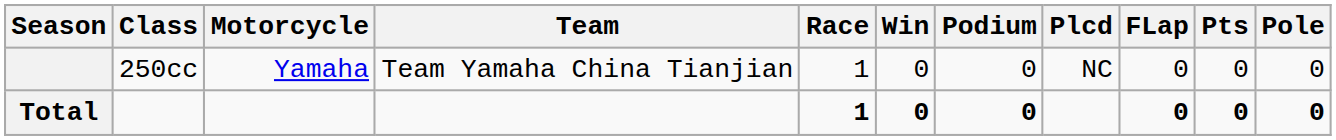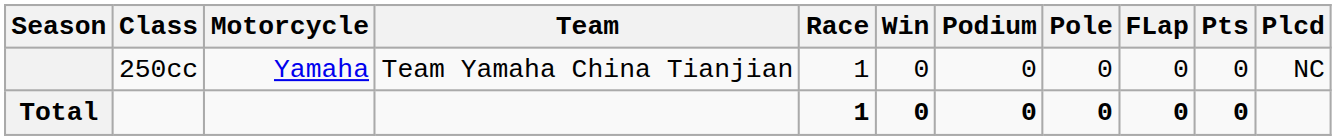 <table class="wikitable">
 <tr>
 <th>Season</th>
 <th>Class</th>
 <th>Motorcycle</th>
 <th>Team</th>
 <th>Race</th>
 <th>Win</th>
 <th>Podium</th>
-<th>Plcd</th>
+<th>Pole</th>
 <th>FLap</th>
 <th>Pts</th>
-<th>Pole</th>
+<th>Plcd</th>
 </tr>
 <tr align="right">
 <th></th>
 <td>250cc</td>
 <td><a href='#'>Yamaha</a></td>
 <td>Team Yamaha China Tianjian</td>
 <td>1</td>
 <td>0</td>
 <td>0</td>
-<td>NC</td>
 <td>0</td>
 <td>0</td>
 <td>0</td>
+<td>NC</td>
 </tr>
 <tr align="right">
 <th>Total</th>
 <td></td>
 <td></td>
 <td></td>
 <td><strong>1</strong></td>
 <td><strong>0</strong></td>
 <td><strong>0</strong></td>
-<td></td>
 <td><strong>0</strong></td>
 <td><strong>0</strong></td>
 <td><strong>0</strong></td>
+<td></td>
 </tr>
 </table>
